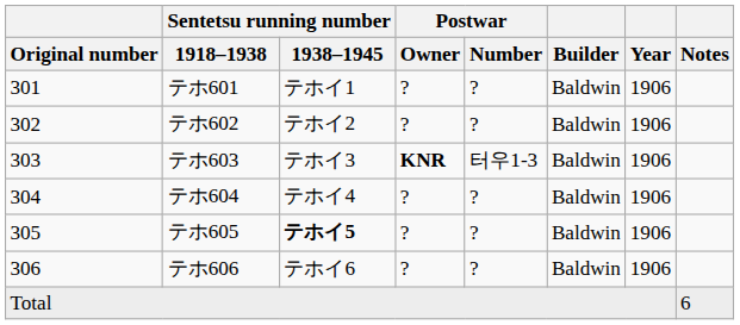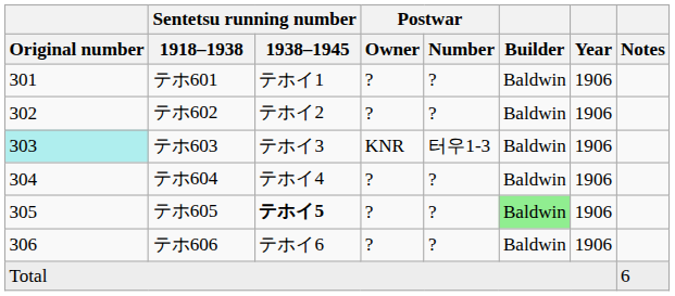 <table class="wikitable">
 <tr>
 <th></th>
 <th colspan="2">Sentetsu running number</th>
 <th colspan="2">Postwar</th>
 <th></th>
 <th></th>
 <th></th>
 </tr>
 <tr>
 <th>Original number</th>
 <th>1918–1938</th>
 <th>1938–1945</th>
 <th>Owner</th>
 <th>Number</th>
 <th>Builder</th>
 <th>Year</th>
 <th>Notes</th>
 </tr>
 <tr>
 <td>301</td>
 <td>テホ601</td>
 <td>テホイ1</td>
 <td>?</td>
 <td>?</td>
 <td>Baldwin</td>
 <td>1906</td>
 <td></td>
 </tr>
 <tr>
 <td>302</td>
 <td>テホ602</td>
 <td>テホイ2</td>
 <td>?</td>
 <td>?</td>
 <td>Baldwin</td>
 <td>1906</td>
 <td></td>
 </tr>
 <tr>
-<td>303</td>
+<td style="background: paleturquoise;">303</td>
 <td>テホ603</td>
 <td>テホイ3</td>
-<td><strong>KNR</strong></td>
+<td>KNR</td>
 <td>터우1-3</td>
 <td>Baldwin</td>
 <td>1906</td>
 <td></td>
 </tr>
 <tr>
 <td>304</td>
 <td>テホ604</td>
 <td>テホイ4</td>
 <td>?</td>
 <td>?</td>
 <td>Baldwin</td>
 <td>1906</td>
 <td></td>
 </tr>
 <tr>
 <td>305</td>
 <td>テホ605</td>
 <td><strong>テホイ5</strong></td>
 <td>?</td>
 <td>?</td>
-<td>Baldwin</td>
+<td style="background: lightgreen;">Baldwin</td>
 <td>1906</td>
 <td></td>
 </tr>
 <tr>
 <td>306</td>
 <td>テホ606</td>
 <td>テホイ6</td>
 <td>?</td>
 <td>?</td>
 <td>Baldwin</td>
 <td>1906</td>
 <td></td>
 </tr>
 <tr>
 <td bgcolor=#ededed colspan="7">Total</td>
 <td bgcolor=#ededed>6</td>
 </tr>
 </table>
